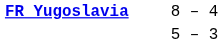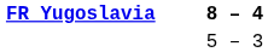 <table style="text-align:center">
 <tr>
 <th width=200></th>
 <th width=100></th>
 <th width=200></th>
 </tr>
 <tr>
 <td align=right><strong><a href='#'>FR Yugoslavia</a> </strong></td>
-<td>8 – 4</td>
+<td><strong>8 – 4</strong></td>
 <td align=left></td>
 </tr>
 <tr>
 <td align=right><strong></strong></td>
 <td>5 – 3</td>
 <td align=left></td>
 </tr>
 </table>
